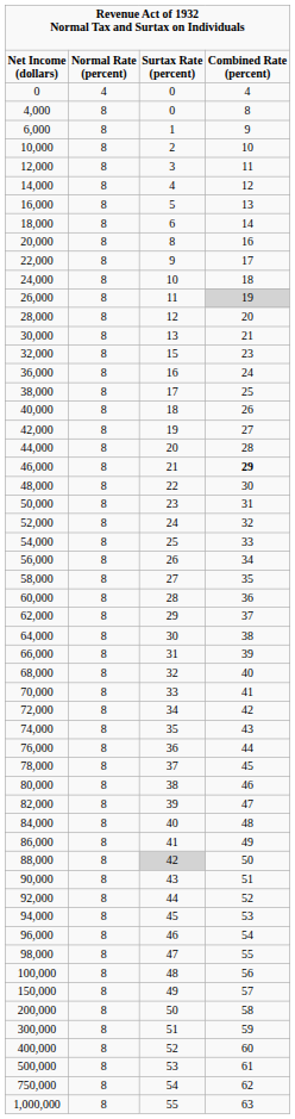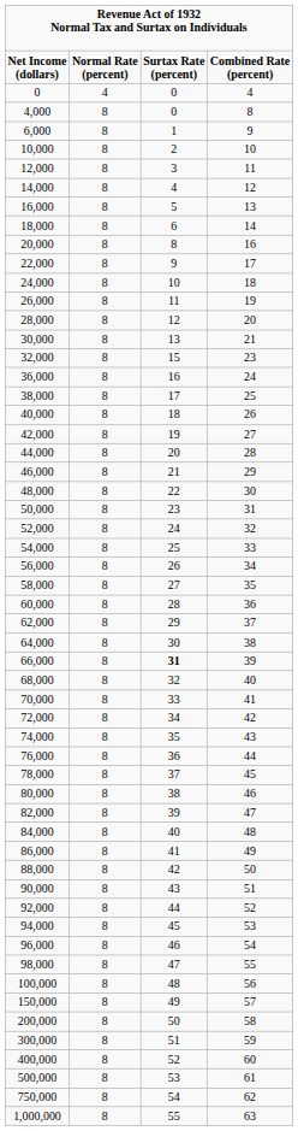 <table class="wikitable" style="text-align: center;">
 <tr>
 <td colspan="4"><strong>Revenue Act of 1932<br>Normal Tax and Surtax on Individuals</strong><br><br> </td>
 </tr>
 <tr>
 <td><strong>Net Income<br>(dollars)</strong></td>
 <td><strong>Normal Rate<br>(percent)</strong></td>
 <td><strong>Surtax Rate<br>(percent)</strong></td>
 <td><strong>Combined Rate<br>(percent)</strong></td>
 </tr>
 <tr>
 <td>0</td>
 <td>4</td>
 <td>0</td>
 <td>4</td>
 </tr>
 <tr>
 <td>4,000</td>
 <td>8</td>
 <td>0</td>
 <td>8</td>
 </tr>
 <tr>
 <td>6,000</td>
 <td>8</td>
 <td>1</td>
 <td>9</td>
 </tr>
 <tr>
 <td>10,000</td>
 <td>8</td>
 <td>2</td>
 <td>10</td>
 </tr>
 <tr>
 <td>12,000</td>
 <td>8</td>
 <td>3</td>
 <td>11</td>
 </tr>
 <tr>
 <td>14,000</td>
 <td>8</td>
 <td>4</td>
 <td>12</td>
 </tr>
 <tr>
 <td>16,000</td>
 <td>8</td>
 <td>5</td>
 <td>13</td>
 </tr>
 <tr>
 <td>18,000</td>
 <td>8</td>
 <td>6</td>
 <td>14</td>
 </tr>
 <tr>
 <td>20,000</td>
 <td>8</td>
 <td>8</td>
 <td>16</td>
 </tr>
 <tr>
 <td>22,000</td>
 <td>8</td>
 <td>9</td>
 <td>17</td>
 </tr>
 <tr>
 <td>24,000</td>
 <td>8</td>
 <td>10</td>
 <td>18</td>
 </tr>
 <tr>
 <td>26,000</td>
 <td>8</td>
 <td>11</td>
-<td style="background: lightgrey;">19</td>
+<td>19</td>
 </tr>
 <tr>
 <td>28,000</td>
 <td>8</td>
 <td>12</td>
 <td>20</td>
 </tr>
 <tr>
 <td>30,000</td>
 <td>8</td>
 <td>13</td>
 <td>21</td>
 </tr>
 <tr>
 <td>32,000</td>
 <td>8</td>
 <td>15</td>
 <td>23</td>
 </tr>
 <tr>
 <td>36,000</td>
 <td>8</td>
 <td>16</td>
 <td>24</td>
 </tr>
 <tr>
 <td>38,000</td>
 <td>8</td>
 <td>17</td>
 <td>25</td>
 </tr>
 <tr>
 <td>40,000</td>
 <td>8</td>
 <td>18</td>
 <td>26</td>
 </tr>
 <tr>
 <td>42,000</td>
 <td>8</td>
 <td>19</td>
 <td>27</td>
 </tr>
 <tr>
 <td>44,000</td>
 <td>8</td>
 <td>20</td>
 <td>28</td>
 </tr>
 <tr>
 <td>46,000</td>
 <td>8</td>
 <td>21</td>
-<td><strong>29</strong></td>
+<td>29</td>
 </tr>
 <tr>
 <td>48,000</td>
 <td>8</td>
 <td>22</td>
 <td>30</td>
 </tr>
 <tr>
 <td>50,000</td>
 <td>8</td>
 <td>23</td>
 <td>31</td>
 </tr>
 <tr>
 <td>52,000</td>
 <td>8</td>
 <td>24</td>
 <td>32</td>
 </tr>
 <tr>
 <td>54,000</td>
 <td>8</td>
 <td>25</td>
 <td>33</td>
 </tr>
 <tr>
 <td>56,000</td>
 <td>8</td>
 <td>26</td>
 <td>34</td>
 </tr>
 <tr>
 <td>58,000</td>
 <td>8</td>
 <td>27</td>
 <td>35</td>
 </tr>
 <tr>
 <td>60,000</td>
 <td>8</td>
 <td>28</td>
 <td>36</td>
 </tr>
 <tr>
 <td>62,000</td>
 <td>8</td>
 <td>29</td>
 <td>37</td>
 </tr>
 <tr>
 <td>64,000</td>
 <td>8</td>
 <td>30</td>
 <td>38</td>
 </tr>
 <tr>
 <td>66,000</td>
 <td>8</td>
-<td>31</td>
+<td><strong>31</strong></td>
 <td>39</td>
 </tr>
 <tr>
 <td>68,000</td>
 <td>8</td>
 <td>32</td>
 <td>40</td>
 </tr>
 <tr>
 <td>70,000</td>
 <td>8</td>
 <td>33</td>
 <td>41</td>
 </tr>
 <tr>
 <td>72,000</td>
 <td>8</td>
 <td>34</td>
 <td>42</td>
 </tr>
 <tr>
 <td>74,000</td>
 <td>8</td>
 <td>35</td>
 <td>43</td>
 </tr>
 <tr>
 <td>76,000</td>
 <td>8</td>
 <td>36</td>
 <td>44</td>
 </tr>
 <tr>
 <td>78,000</td>
 <td>8</td>
 <td>37</td>
 <td>45</td>
 </tr>
 <tr>
 <td>80,000</td>
 <td>8</td>
 <td>38</td>
 <td>46</td>
 </tr>
 <tr>
 <td>82,000</td>
 <td>8</td>
 <td>39</td>
 <td>47</td>
 </tr>
 <tr>
 <td>84,000</td>
 <td>8</td>
 <td>40</td>
 <td>48</td>
 </tr>
 <tr>
 <td>86,000</td>
 <td>8</td>
 <td>41</td>
 <td>49</td>
 </tr>
 <tr>
 <td>88,000</td>
 <td>8</td>
-<td style="background: lightgrey;">42</td>
+<td>42</td>
 <td>50</td>
 </tr>
 <tr>
 <td>90,000</td>
 <td>8</td>
 <td>43</td>
 <td>51</td>
 </tr>
 <tr>
 <td>92,000</td>
 <td>8</td>
 <td>44</td>
 <td>52</td>
 </tr>
 <tr>
 <td>94,000</td>
 <td>8</td>
 <td>45</td>
 <td>53</td>
 </tr>
 <tr>
 <td>96,000</td>
 <td>8</td>
 <td>46</td>
 <td>54</td>
 </tr>
 <tr>
 <td>98,000</td>
 <td>8</td>
 <td>47</td>
 <td>55</td>
 </tr>
 <tr>
 <td>100,000</td>
 <td>8</td>
 <td>48</td>
 <td>56</td>
 </tr>
 <tr>
 <td>150,000</td>
 <td>8</td>
 <td>49</td>
 <td>57</td>
 </tr>
 <tr>
 <td>200,000</td>
 <td>8</td>
 <td>50</td>
 <td>58</td>
 </tr>
 <tr>
 <td>300,000</td>
 <td>8</td>
 <td>51</td>
 <td>59</td>
 </tr>
 <tr>
 <td>400,000</td>
 <td>8</td>
 <td>52</td>
 <td>60</td>
 </tr>
 <tr>
 <td>500,000</td>
 <td>8</td>
 <td>53</td>
 <td>61</td>
 </tr>
 <tr>
 <td>750,000</td>
 <td>8</td>
 <td>54</td>
 <td>62</td>
 </tr>
 <tr>
 <td>1,000,000</td>
 <td>8</td>
 <td>55</td>
 <td>63</td>
 </tr>
 </table>
